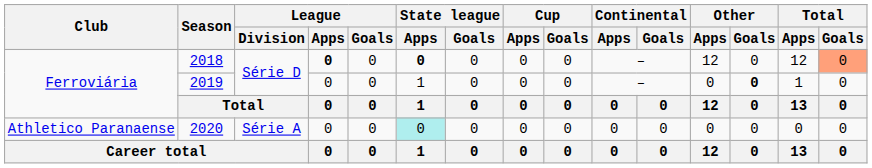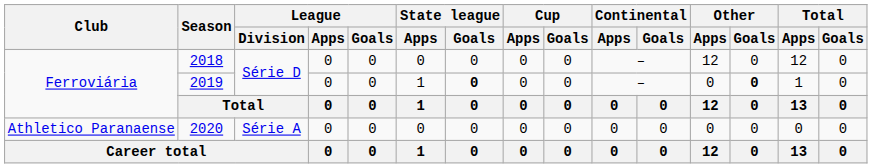 <table class="wikitable" style="text-align: center">
 <tr>
 <th rowspan="2">Club</th>
 <th rowspan="2">Season</th>
 <th colspan="3">League</th>
 <th colspan="2">State league</th>
 <th colspan="2">Cup</th>
 <th colspan="2">Continental</th>
 <th colspan="2">Other</th>
 <th colspan="2">Total</th>
 </tr>
 <tr>
 <th>Division</th>
 <th>Apps</th>
 <th>Goals</th>
 <th>Apps</th>
 <th>Goals</th>
 <th>Apps</th>
 <th>Goals</th>
 <th>Apps</th>
 <th>Goals</th>
 <th>Apps</th>
 <th>Goals</th>
 <th>Apps</th>
 <th>Goals</th>
 </tr>
 <tr>
 <td rowspan="3"><a href='#'>Ferroviária</a></td>
 <td><a href='#'>2018</a></td>
 <td rowspan="2"><a href='#'>Série D</a></td>
-<td><strong>0</strong></td>
 <td>0</td>
-<td><strong>0</strong></td>
+<td>0</td>
+<td>0</td>
 <td>0</td>
 <td>0</td>
 <td>0</td>
 <td colspan="2">–</td>
 <td>12</td>
 <td>0</td>
 <td>12</td>
-<td style="background: lightsalmon;">0</td>
+<td>0</td>
 </tr>
 <tr>
 <td><a href='#'>2019</a></td>
 <td>0</td>
 <td>0</td>
 <td>1</td>
-<td>0</td>
+<td><strong>0</strong></td>
 <td>0</td>
 <td>0</td>
 <td colspan="2">–</td>
 <td>0</td>
 <td><strong>0</strong></td>
 <td>1</td>
 <td>0</td>
 </tr>
 <tr>
 <th colspan="2"><strong>Total</strong></th>
 <th>0</th>
 <th>0</th>
 <th>1</th>
 <th>0</th>
 <th>0</th>
 <th>0</th>
 <th>0</th>
 <th>0</th>
 <th>12</th>
 <th>0</th>
 <th>13</th>
 <th>0</th>
 </tr>
 <tr>
 <td><a href='#'>Athletico Paranaense</a></td>
 <td><a href='#'>2020</a></td>
 <td><a href='#'>Série A</a></td>
 <td>0</td>
 <td>0</td>
-<td style="background: paleturquoise;">0</td>
+<td>0</td>
 <td>0</td>
 <td>0</td>
 <td>0</td>
 <td>0</td>
 <td>0</td>
 <td>0</td>
 <td>0</td>
 <td>0</td>
 <td>0</td>
 </tr>
 <tr>
 <th colspan="3"><strong>Career total</strong></th>
 <th>0</th>
 <th>0</th>
 <th>1</th>
 <th>0</th>
 <th>0</th>
 <th>0</th>
 <th>0</th>
 <th>0</th>
 <th>12</th>
 <th>0</th>
 <th>13</th>
 <th>0</th>
 </tr>
 </table>
